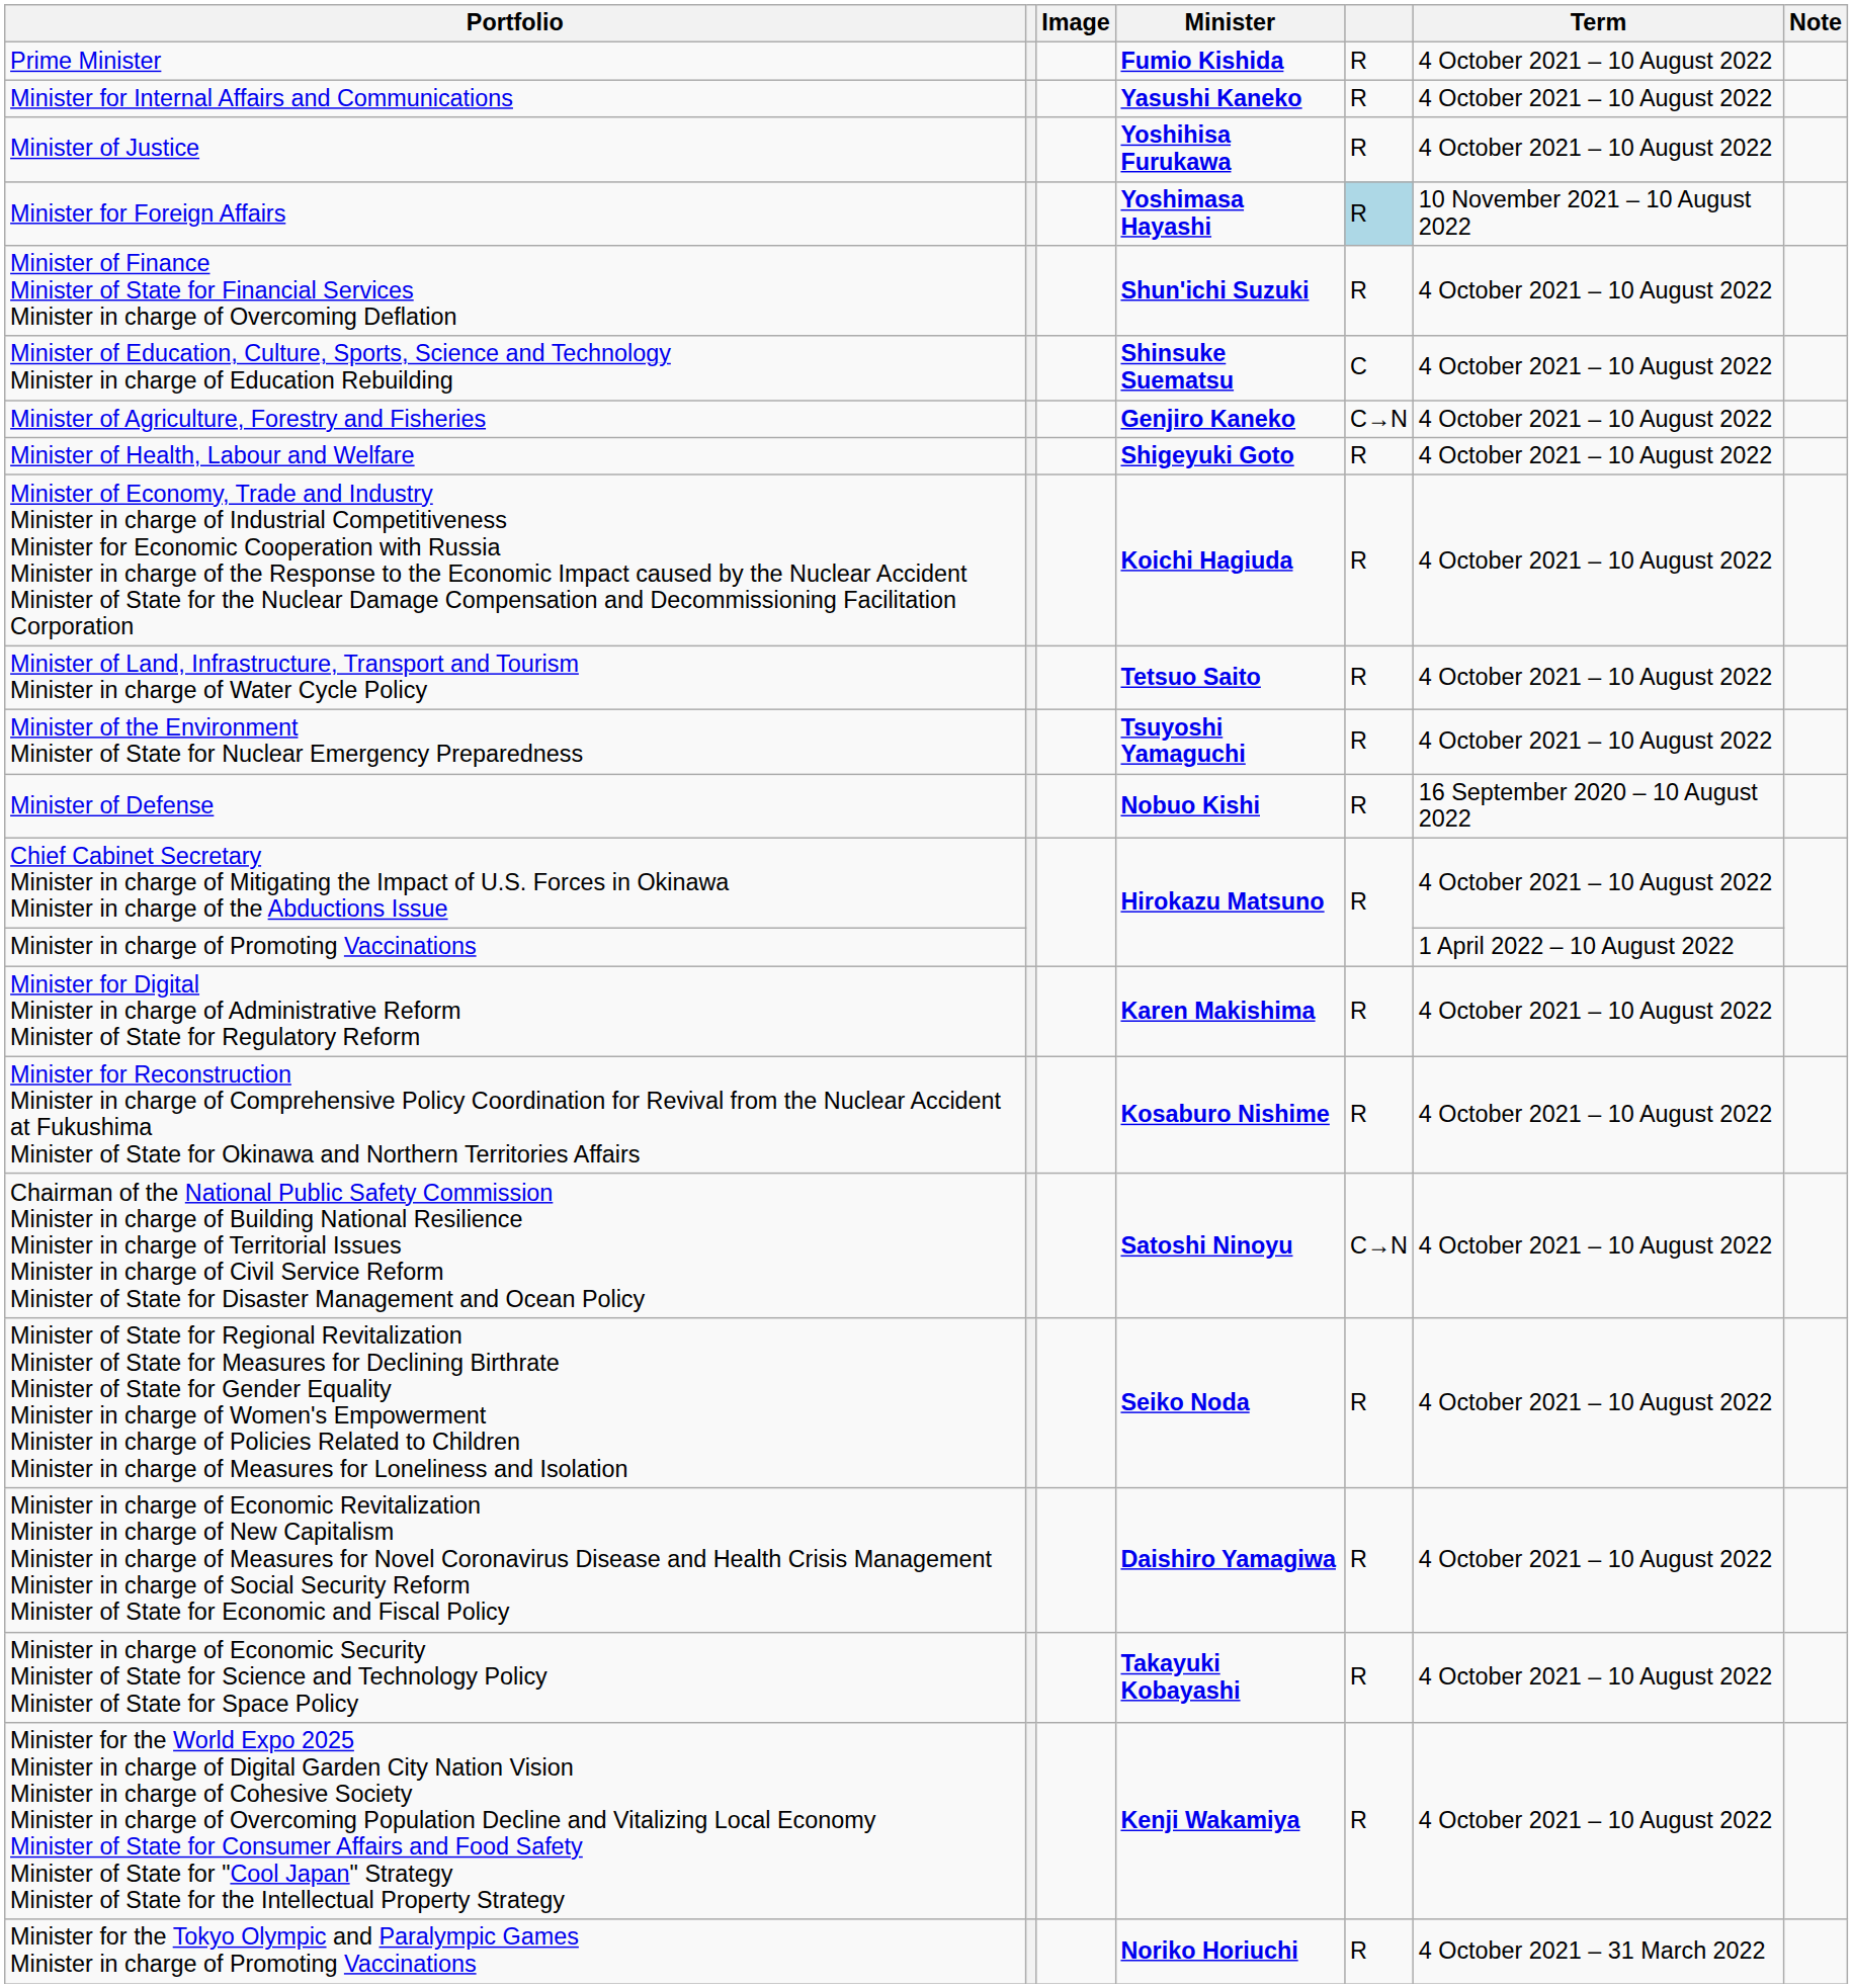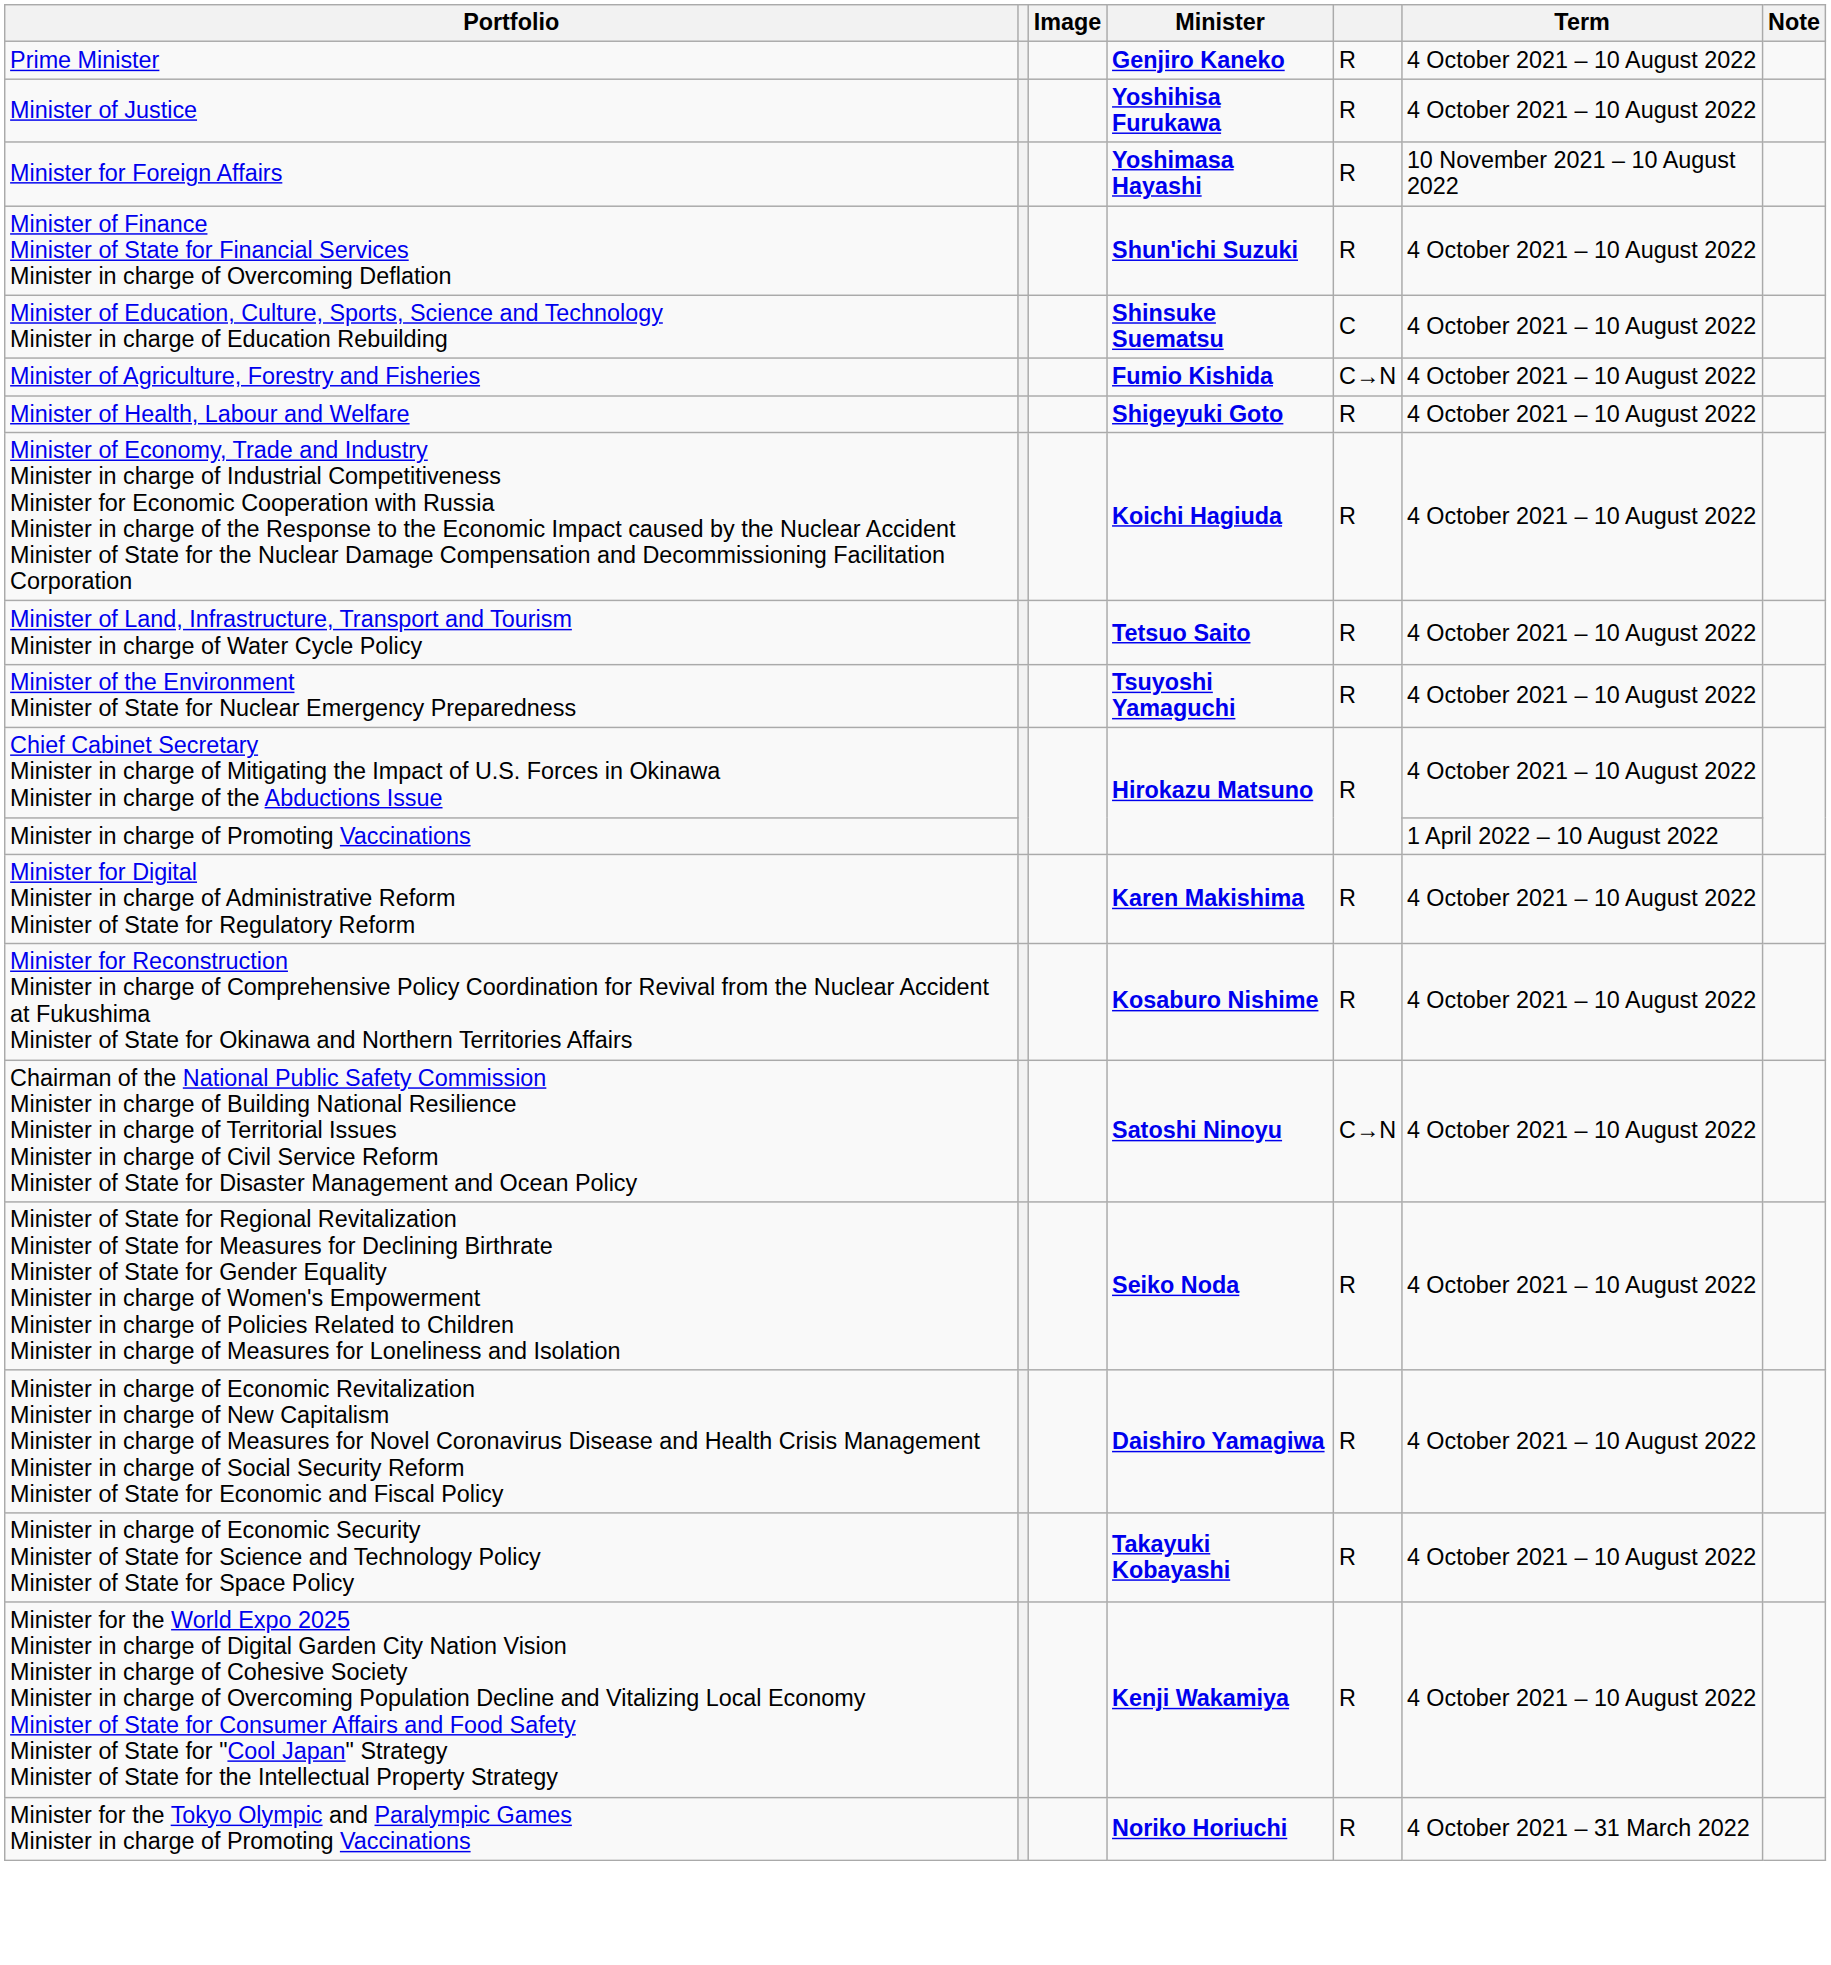 <table class="wikitable">
 <tr>
 <th>Portfolio</th>
 <th></th>
 <th>Image</th>
 <th>Minister</th>
 <th></th>
 <th>Term</th>
 <th>Note</th>
 </tr>
 <tr>
 <td><a href='#'>Prime Minister</a></td>
 <th style="color:inherit;background-color: "></th>
 <td style="text-align:center;"></td>
-<td><strong><a href='#'>Fumio Kishida</a></strong></td>
-<td>R</td>
-<td>4 October 2021 – 10 August 2022</td>
-<td></td>
-</tr>
-<tr>
-<td><a href='#'>Minister for Internal Affairs and Communications</a></td>
-<th style="color:inherit;background-color: "></th>
-<td style="text-align:center;"></td>
-<td><strong><a href='#'>Yasushi Kaneko</a></strong></td>
+<td><strong><a href='#'>Genjiro Kaneko</a></strong></td>
 <td>R</td>
 <td>4 October 2021 – 10 August 2022</td>
 <td></td>
 </tr>
 <tr>
 <td><a href='#'>Minister of Justice</a></td>
 <th style="color:inherit;background-color: "></th>
 <td style="text-align:center;"></td>
 <td><strong><a href='#'>Yoshihisa Furukawa</a></strong></td>
 <td>R</td>
 <td>4 October 2021 – 10 August 2022</td>
 <td></td>
 </tr>
 <tr>
 <td><a href='#'>Minister for Foreign Affairs</a></td>
 <th style="color:inherit;background-color: "></th>
 <td style="text-align:center;"></td>
 <td><strong><a href='#'>Yoshimasa Hayashi</a></strong></td>
-<td style="background: lightblue;">R</td>
+<td>R</td>
 <td>10 November 2021 – 10 August 2022</td>
 <td></td>
 </tr>
 <tr>
 <td><a href='#'>Minister of Finance</a><br><a href='#'>Minister of State for Financial Services</a><br>Minister in charge of Overcoming Deflation</td>
 <th style="color:inherit;background-color: "></th>
 <td style="text-align:center;"></td>
 <td><strong><a href='#'>Shun'ichi Suzuki</a></strong></td>
 <td>R</td>
 <td>4 October 2021 – 10 August 2022</td>
 <td></td>
 </tr>
 <tr>
 <td><a href='#'>Minister of Education, Culture, Sports, Science and Technology</a><br>Minister in charge of Education Rebuilding</td>
 <th style="color:inherit;background-color: "></th>
 <td style="text-align:center;"></td>
 <td><strong><a href='#'>Shinsuke Suematsu</a></strong></td>
 <td>C</td>
 <td>4 October 2021 – 10 August 2022</td>
 <td></td>
 </tr>
 <tr>
 <td><a href='#'>Minister of Agriculture, Forestry and Fisheries</a></td>
 <th style="color:inherit;background-color: "></th>
 <td style="text-align:center;"></td>
-<td><strong><a href='#'>Genjiro Kaneko</a></strong></td>
+<td><strong><a href='#'>Fumio Kishida</a></strong></td>
 <td>C→N</td>
 <td>4 October 2021 – 10 August 2022</td>
 <td></td>
 </tr>
 <tr>
 <td><a href='#'>Minister of Health, Labour and Welfare</a></td>
 <th style="color:inherit;background-color: "></th>
 <td style="text-align:center;"></td>
 <td><strong><a href='#'>Shigeyuki Goto</a></strong></td>
 <td>R</td>
 <td>4 October 2021 – 10 August 2022</td>
 <td></td>
 </tr>
 <tr>
 <td><a href='#'>Minister of Economy, Trade and Industry</a><br>Minister in charge of Industrial Competitiveness<br>Minister for Economic Cooperation with Russia<br>Minister in charge of the Response to the Economic Impact caused by the Nuclear Accident<br>Minister of State for the Nuclear Damage Compensation and Decommissioning Facilitation Corporation</td>
 <th style="color:inherit;background-color: "></th>
 <td style="text-align:center;"></td>
 <td><strong><a href='#'>Koichi Hagiuda</a></strong></td>
 <td>R</td>
 <td>4 October 2021 – 10 August 2022</td>
 <td></td>
 </tr>
 <tr>
 <td><a href='#'>Minister of Land, Infrastructure, Transport and Tourism</a><br>Minister in charge of Water Cycle Policy</td>
 <th style="color:inherit;background-color: "></th>
 <td style="text-align:center;"></td>
 <td><strong><a href='#'>Tetsuo Saito</a></strong></td>
 <td>R</td>
 <td>4 October 2021 – 10 August 2022</td>
 <td></td>
 </tr>
 <tr>
 <td><a href='#'>Minister of the Environment</a><br>Minister of State for Nuclear Emergency Preparedness</td>
 <th style="color:inherit;background-color: "></th>
 <td style="text-align:center;"></td>
 <td><strong><a href='#'>Tsuyoshi Yamaguchi</a></strong></td>
 <td>R</td>
 <td>4 October 2021 – 10 August 2022</td>
-<td></td>
-</tr>
-<tr>
-<td><a href='#'>Minister of Defense</a></td>
-<th style="color:inherit;background-color: "></th>
-<td style="text-align:center;"></td>
-<td><strong><a href='#'>Nobuo Kishi</a></strong></td>
-<td>R</td>
-<td>16 September 2020 – 10 August 2022</td>
 <td></td>
 </tr>
 <tr>
 <td><a href='#'>Chief Cabinet Secretary</a><br>Minister in charge of Mitigating the Impact of U.S. Forces in Okinawa<br>Minister in charge of the <a href='#'>Abductions Issue</a></td>
 <th rowspan="2" style="background-color: "></th>
 <td rowspan="2" style="text-align:center;"></td>
 <td rowspan="2"><strong><a href='#'>Hirokazu Matsuno</a></strong></td>
 <td rowspan="2">R</td>
 <td>4 October 2021 – 10 August 2022</td>
 <td rowspan="2"></td>
 </tr>
 <tr>
 <td>Minister in charge of Promoting <a href='#'>Vaccinations</a></td>
 <td>1 April 2022 – 10 August 2022</td>
 </tr>
 <tr>
 <td><a href='#'>Minister for Digital</a><br>Minister in charge of Administrative Reform<br>Minister of State for Regulatory Reform</td>
 <th style="color:inherit;background-color: "></th>
 <td style="text-align:center;"></td>
 <td><strong><a href='#'>Karen Makishima</a></strong></td>
 <td>R</td>
 <td>4 October 2021 – 10 August 2022</td>
 <td></td>
 </tr>
 <tr>
 <td><a href='#'>Minister for Reconstruction</a><br>Minister in charge of Comprehensive Policy Coordination for Revival from the Nuclear Accident at Fukushima<br>Minister of State for Okinawa and Northern Territories Affairs</td>
 <th style="color:inherit;background-color: "></th>
 <td style="text-align:center;"></td>
 <td><strong><a href='#'>Kosaburo Nishime</a></strong></td>
 <td>R</td>
 <td>4 October 2021 – 10 August 2022</td>
 <td></td>
 </tr>
 <tr>
 <td>Chairman of the <a href='#'>National Public Safety Commission</a><br>Minister in charge of Building National Resilience<br>Minister in charge of Territorial Issues<br>Minister in charge of Civil Service Reform<br>Minister of State for Disaster Management and Ocean Policy</td>
 <th style="color:inherit;background-color: "></th>
 <td style="text-align:center;"></td>
 <td><strong><a href='#'>Satoshi Ninoyu</a></strong></td>
 <td>C→N</td>
 <td>4 October 2021 – 10 August 2022</td>
 <td></td>
 </tr>
 <tr>
 <td>Minister of State for Regional Revitalization<br>Minister of State for Measures for Declining Birthrate<br>Minister of State for Gender Equality<br>Minister in charge of Women's Empowerment<br>Minister in charge of Policies Related to Children<br>Minister in charge of Measures for Loneliness and Isolation</td>
 <th style="color:inherit;background-color: "></th>
 <td style="text-align:center;"></td>
 <td><strong><a href='#'>Seiko Noda</a></strong></td>
 <td>R</td>
 <td>4 October 2021 – 10 August 2022</td>
 <td></td>
 </tr>
 <tr>
 <td>Minister in charge of Economic Revitalization<br>Minister in charge of New Capitalism<br>Minister in charge of Measures for Novel Coronavirus Disease and Health Crisis Management<br>Minister in charge of Social Security Reform<br>Minister of State for Economic and Fiscal Policy</td>
 <th style="color:inherit;background-color: "></th>
 <td style="text-align:center;"></td>
 <td><strong><a href='#'>Daishiro Yamagiwa</a></strong></td>
 <td>R</td>
 <td>4 October 2021 – 10 August 2022</td>
 <td></td>
 </tr>
 <tr>
 <td>Minister in charge of Economic Security<br>Minister of State for Science and Technology Policy<br>Minister of State for Space Policy</td>
 <th style="color:inherit;background-color: "></th>
 <td style="text-align:center;"></td>
 <td><strong><a href='#'>Takayuki Kobayashi</a></strong></td>
 <td>R</td>
 <td>4 October 2021 – 10 August 2022</td>
 <td></td>
 </tr>
 <tr>
 <td>Minister for the <a href='#'>World Expo 2025</a><br>Minister in charge of Digital Garden City Nation Vision<br>Minister in charge of Cohesive Society<br>Minister in charge of Overcoming Population Decline and Vitalizing Local Economy<br><a href='#'>Minister of State for Consumer Affairs and Food Safety</a><br>Minister of State for "<a href='#'>Cool Japan</a>" Strategy<br>Minister of State for the Intellectual Property Strategy</td>
 <th style="color:inherit;background-color: "></th>
 <td style="text-align:center;"></td>
 <td><strong><a href='#'>Kenji Wakamiya</a></strong></td>
 <td>R</td>
 <td>4 October 2021 – 10 August 2022</td>
 <td></td>
 </tr>
 <tr>
 <td>Minister for the <a href='#'>Tokyo Olympic</a> and <a href='#'>Paralympic Games</a><br>Minister in charge of Promoting <a href='#'>Vaccinations</a></td>
 <th style="color:inherit;background-color: "></th>
 <td style="text-align:center;"></td>
 <td><strong><a href='#'>Noriko Horiuchi</a></strong></td>
 <td>R</td>
 <td>4 October 2021 – 31 March 2022</td>
 <td></td>
 </tr>
 </table>
